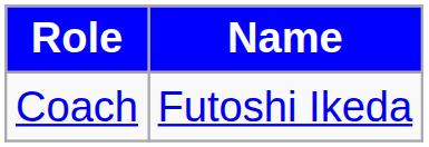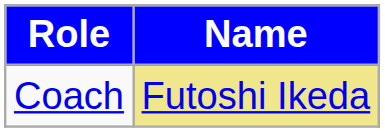 <table class="wikitable">
 <tr>
 <th style="background:#0000FF;color:white">Role</th>
 <th style="background:#0000FF;color:white">Name</th>
 </tr>
 <tr>
 <td><a href='#'>Coach</a></td>
-<td> <a href='#'>Futoshi Ikeda</a></td>
+<td style="background: khaki;"> <a href='#'>Futoshi Ikeda</a></td>
 </tr>
 </table>
